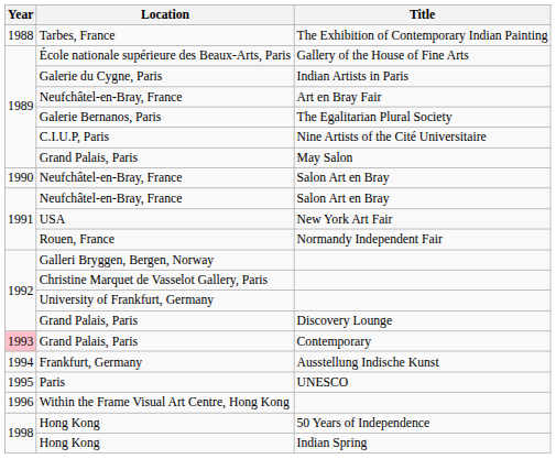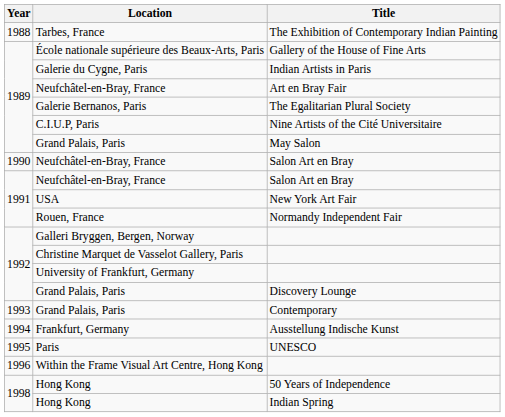 <table class="wikitable">
 <tr>
 <th>Year</th>
 <th>Location</th>
 <th>Title</th>
 </tr>
 <tr>
 <td>1988</td>
 <td>Tarbes, France</td>
 <td>The Exhibition of Contemporary Indian Painting</td>
 </tr>
 <tr>
 <td rowspan=6>1989</td>
 <td>École nationale supérieure des Beaux-Arts, Paris</td>
 <td>Gallery of the House of Fine Arts</td>
 </tr>
 <tr>
 <td>Galerie du Cygne, Paris</td>
 <td>Indian Artists in Paris</td>
 </tr>
 <tr>
 <td>Neufchâtel-en-Bray, France</td>
 <td>Art en Bray Fair</td>
 </tr>
 <tr>
 <td>Galerie Bernanos, Paris</td>
 <td>The Egalitarian Plural Society</td>
 </tr>
 <tr>
 <td>C.I.U.P, Paris</td>
 <td>Nine Artists of the Cité Universitaire</td>
 </tr>
 <tr>
 <td>Grand Palais, Paris</td>
 <td>May Salon</td>
 </tr>
 <tr>
 <td>1990</td>
 <td>Neufchâtel-en-Bray, France</td>
 <td>Salon Art en Bray</td>
 </tr>
 <tr>
 <td rowspan=3>1991</td>
 <td>Neufchâtel-en-Bray, France</td>
 <td>Salon Art en Bray</td>
 </tr>
 <tr>
 <td>USA</td>
 <td>New York Art Fair</td>
 </tr>
 <tr>
 <td>Rouen, France</td>
 <td>Normandy Independent Fair</td>
 </tr>
 <tr>
 <td rowspan=4>1992</td>
 <td>Galleri Bryggen, Bergen, Norway</td>
 <td></td>
 </tr>
 <tr>
 <td>Christine Marquet de Vasselot Gallery, Paris</td>
 <td></td>
 </tr>
 <tr>
 <td>University of Frankfurt, Germany</td>
 <td></td>
 </tr>
 <tr>
 <td>Grand Palais, Paris</td>
 <td>Discovery Lounge</td>
 </tr>
 <tr>
-<td style="background: pink;">1993</td>
+<td>1993</td>
 <td>Grand Palais, Paris</td>
 <td>Contemporary</td>
 </tr>
 <tr>
 <td>1994</td>
 <td>Frankfurt, Germany</td>
 <td>Ausstellung Indische Kunst</td>
 </tr>
 <tr>
 <td>1995</td>
 <td>Paris</td>
 <td>UNESCO</td>
 </tr>
 <tr>
 <td>1996</td>
 <td>Within the Frame Visual Art Centre, Hong Kong</td>
 <td></td>
 </tr>
 <tr>
 <td rowspan=2>1998</td>
 <td>Hong Kong</td>
 <td>50 Years of Independence</td>
 </tr>
 <tr>
 <td>Hong Kong</td>
 <td>Indian Spring</td>
 </tr>
 </table>
